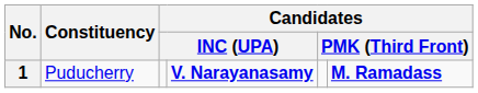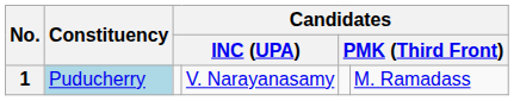 <table class="wikitable sortable">
 <tr>
 <th rowspan="2">No.</th>
 <th rowspan="2">Constituency</th>
 <th colspan="8">Candidates</th>
 </tr>
 <tr>
 <th colspan="2"><a href='#'>INC</a> (<a href='#'>UPA</a>)</th>
 <th colspan="2"><a href='#'>PMK</a> (<a href='#'>Third Front</a>)</th>
 </tr>
 <tr>
 <th>1</th>
-<td><a href='#'>Puducherry</a></td>
+<td style="background: lightblue;"><a href='#'>Puducherry</a></td>
 <td style="background:"></td>
-<td><strong><a href='#'>V. Narayanasamy</a></strong></td>
+<td><a href='#'>V. Narayanasamy</a></td>
 <td style="background:"></td>
-<td><strong><a href='#'>M. Ramadass</a></strong></td>
+<td><a href='#'>M. Ramadass</a></td>
 </tr>
 </table>
